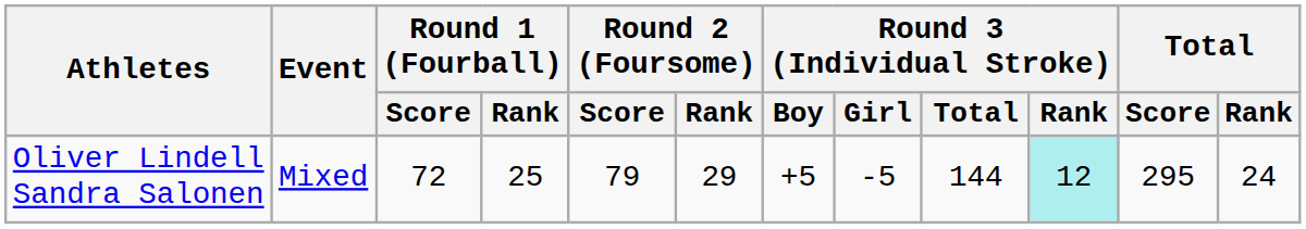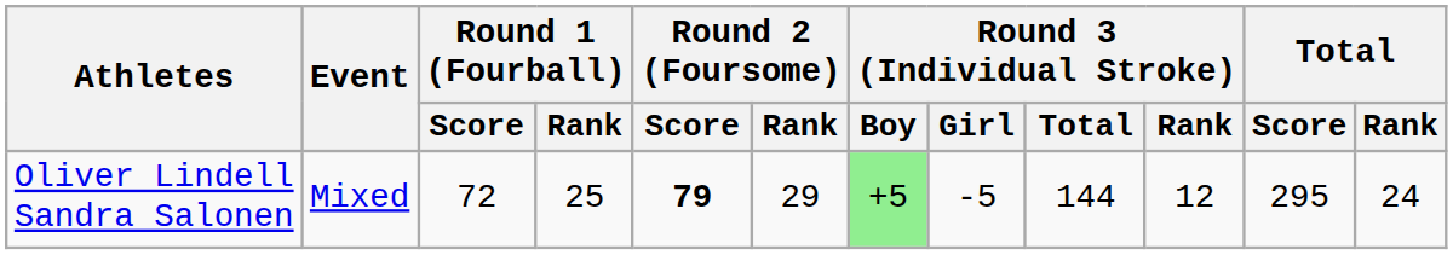 <table class="wikitable" style="font-size:90%">
 <tr>
 <th rowspan="2">Athletes</th>
 <th rowspan="2">Event</th>
 <th colspan="2">Round 1<br>(Fourball)</th>
 <th colspan="2">Round 2<br>(Foursome)</th>
 <th colspan="4">Round 3<br>(Individual Stroke)</th>
 <th colspan="2">Total</th>
 </tr>
 <tr style="font-size:95%">
 <th>Score</th>
 <th>Rank</th>
 <th>Score</th>
 <th>Rank</th>
 <th>Boy</th>
 <th>Girl</th>
 <th>Total</th>
 <th>Rank</th>
 <th>Score</th>
 <th>Rank</th>
 </tr>
 <tr align=center>
 <td align=left><a href='#'>Oliver Lindell</a><br><a href='#'>Sandra Salonen</a></td>
 <td align=left><a href='#'>Mixed</a></td>
 <td>72</td>
 <td>25</td>
-<td>79</td>
+<td><strong>79</strong></td>
 <td>29</td>
-<td>+5</td>
+<td style="background: lightgreen;">+5</td>
 <td>-5</td>
 <td>144</td>
-<td style="background: paleturquoise;">12</td>
+<td>12</td>
 <td>295</td>
 <td>24</td>
 </tr>
 </table>
